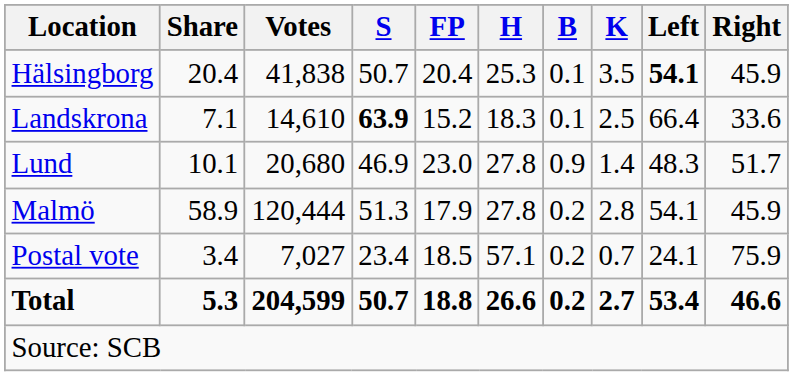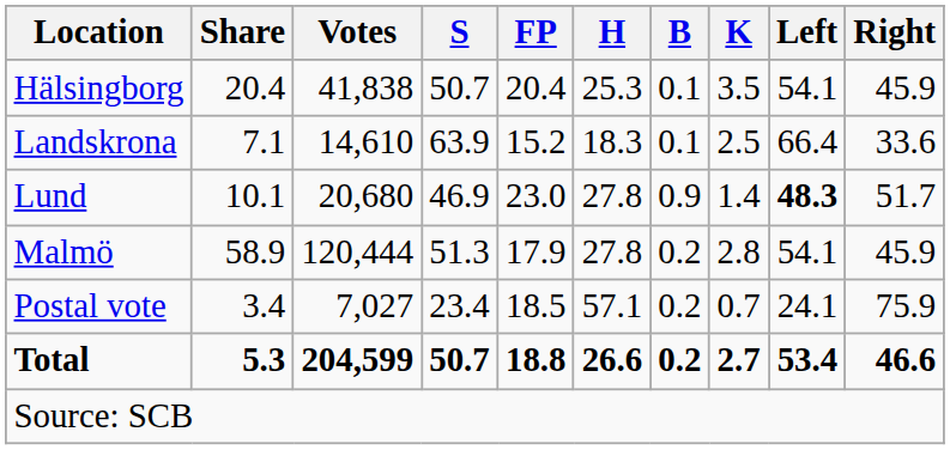 <table class="wikitable sortable" style=text-align:right>
 <tr>
 <th>Location</th>
 <th>Share</th>
 <th>Votes</th>
 <th><a href='#'>S</a></th>
 <th><a href='#'>FP</a></th>
 <th><a href='#'>H</a></th>
 <th><a href='#'>B</a></th>
 <th><a href='#'>K</a></th>
 <th>Left</th>
 <th>Right</th>
 </tr>
 <tr>
 <td align=left><a href='#'>Hälsingborg</a></td>
 <td>20.4</td>
 <td>41,838</td>
 <td>50.7</td>
 <td>20.4</td>
 <td>25.3</td>
 <td>0.1</td>
 <td>3.5</td>
-<td><strong>54.1</strong></td>
+<td>54.1</td>
 <td>45.9</td>
 </tr>
 <tr>
 <td align=left><a href='#'>Landskrona</a></td>
 <td>7.1</td>
 <td>14,610</td>
-<td><strong>63.9</strong></td>
+<td>63.9</td>
 <td>15.2</td>
 <td>18.3</td>
 <td>0.1</td>
 <td>2.5</td>
 <td>66.4</td>
 <td>33.6</td>
 </tr>
 <tr>
 <td align=left><a href='#'>Lund</a></td>
 <td>10.1</td>
 <td>20,680</td>
 <td>46.9</td>
 <td>23.0</td>
 <td>27.8</td>
 <td>0.9</td>
 <td>1.4</td>
-<td>48.3</td>
+<td><strong>48.3</strong></td>
 <td>51.7</td>
 </tr>
 <tr>
 <td align=left><a href='#'>Malmö</a></td>
 <td>58.9</td>
 <td>120,444</td>
 <td>51.3</td>
 <td>17.9</td>
 <td>27.8</td>
 <td>0.2</td>
 <td>2.8</td>
 <td>54.1</td>
 <td>45.9</td>
 </tr>
 <tr>
 <td align=left><a href='#'>Postal vote</a></td>
 <td>3.4</td>
 <td>7,027</td>
 <td>23.4</td>
 <td>18.5</td>
 <td>57.1</td>
 <td>0.2</td>
 <td>0.7</td>
 <td>24.1</td>
 <td>75.9</td>
 </tr>
 <tr>
 <td align=left><strong>Total</strong></td>
 <td><strong>5.3</strong></td>
 <td><strong>204,599</strong></td>
 <td><strong>50.7</strong></td>
 <td><strong>18.8</strong></td>
 <td><strong>26.6</strong></td>
 <td><strong>0.2</strong></td>
 <td><strong>2.7</strong></td>
 <td><strong>53.4</strong></td>
 <td><strong>46.6</strong></td>
 </tr>
 <tr>
 <td align=left colspan=10>Source: SCB </td>
 </tr>
 </table>
